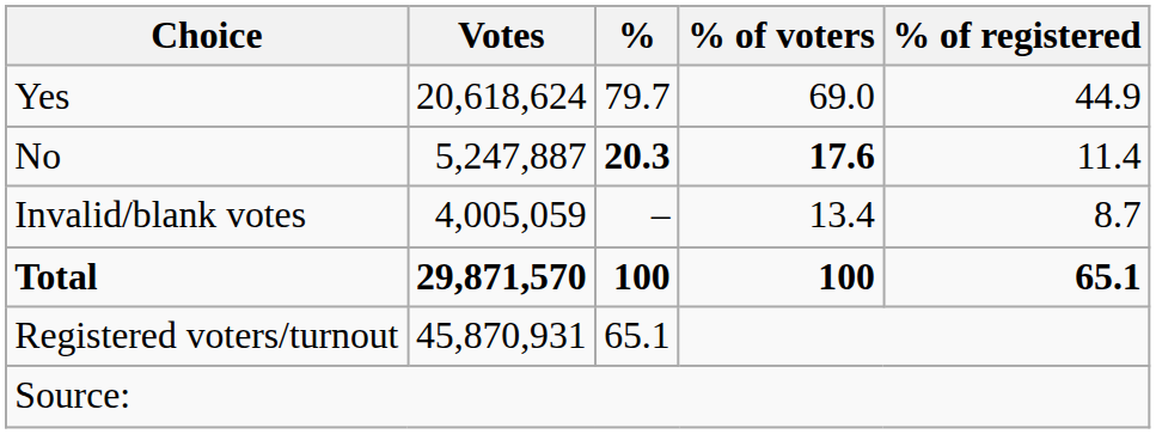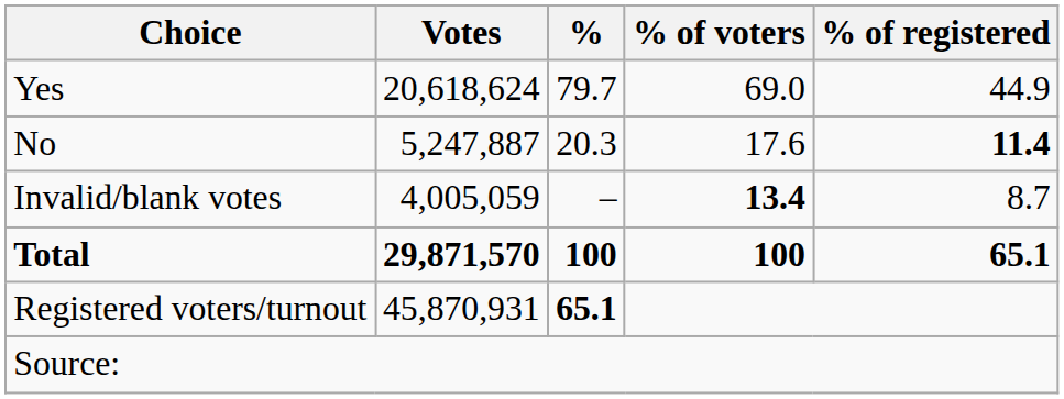 <table class=wikitable style=text-align:right>
 <tr>
 <th>Choice</th>
 <th>Votes</th>
 <th>%</th>
 <th>% of voters</th>
 <th>% of registered</th>
 </tr>
 <tr>
 <td align=left> Yes</td>
 <td>20,618,624</td>
 <td>79.7</td>
 <td>69.0</td>
 <td>44.9</td>
 </tr>
 <tr>
 <td align=left>No</td>
 <td>5,247,887</td>
-<td><strong>20.3</strong></td>
-<td><strong>17.6</strong></td>
-<td>11.4</td>
+<td>20.3</td>
+<td>17.6</td>
+<td><strong>11.4</strong></td>
 </tr>
 <tr>
 <td align=left>Invalid/blank votes</td>
 <td>4,005,059</td>
 <td>–</td>
-<td>13.4</td>
+<td><strong>13.4</strong></td>
 <td>8.7</td>
 </tr>
 <tr>
 <td align=left><strong>Total</strong></td>
 <td><strong>29,871,570</strong></td>
 <td><strong>100</strong></td>
 <td><strong>100</strong></td>
 <td><strong>65.1</strong></td>
 </tr>
 <tr>
 <td align=left>Registered voters/turnout</td>
 <td>45,870,931</td>
-<td>65.1</td>
+<td><strong>65.1</strong></td>
 </tr>
 <tr>
 <td align=left colspan=5>Source: </td>
 </tr>
 </table>
